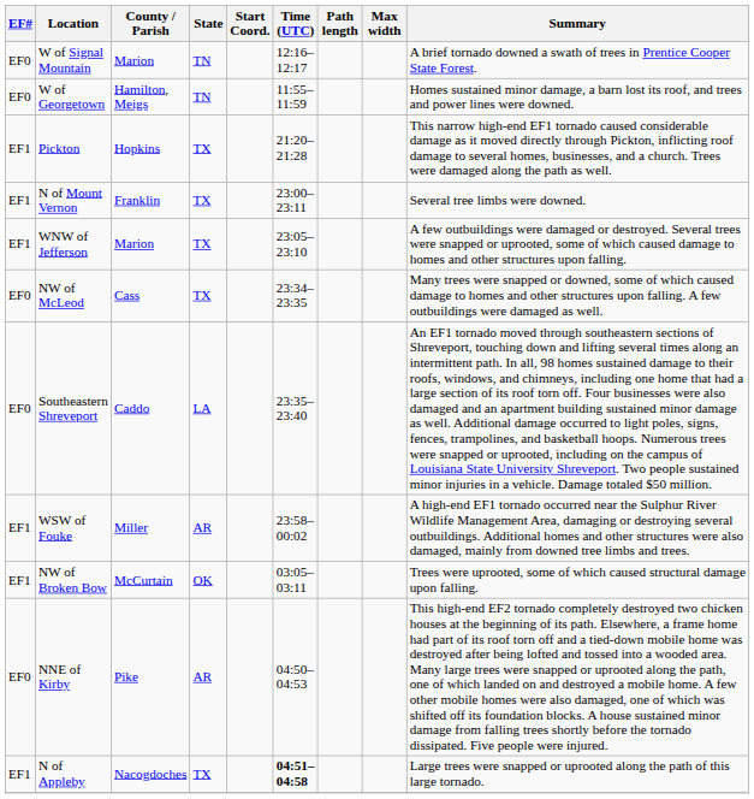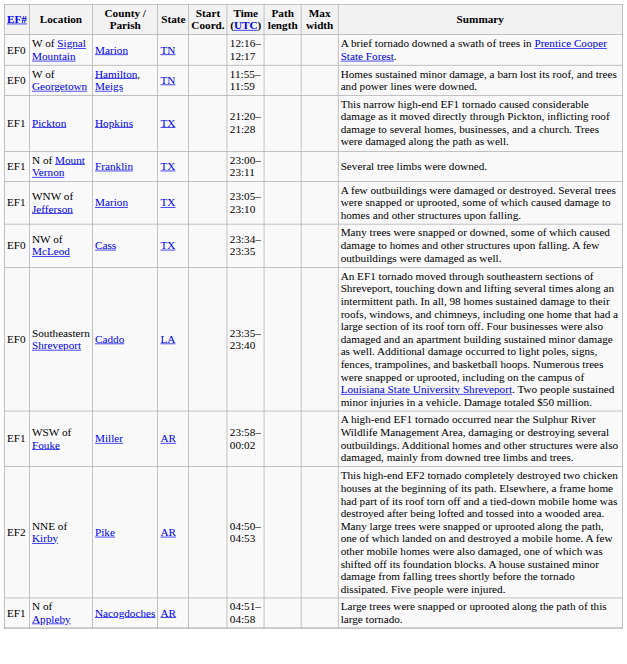 <table class="wikitable sortable" style="width:100%;">
 <tr>
 <th scope="col"  style="width:3%; text-align:center;"><a href='#'>EF#</a></th>
 <th scope="col"  style="width:7%; text-align:center;" class="unsortable">Location</th>
 <th scope="col"  style="width:6%; text-align:center;" class="unsortable">County / Parish</th>
 <th scope="col"  style="width:5%; text-align:center;">State</th>
 <th scope="col"  style="width:6%; text-align:center;">Start Coord.</th>
 <th scope="col"  style="width:6%; text-align:center;">Time (<a href='#'>UTC</a>)</th>
 <th scope="col"  style="width:6%; text-align:center;">Path length</th>
 <th scope="col"  style="width:6%; text-align:center;">Max width</th>
 <th scope="col" class="unsortable" style="width:48%; text-align:center;">Summary</th>
 </tr>
 <tr>
 <td>EF0</td>
 <td>W of <a href='#'>Signal Mountain</a></td>
 <td><a href='#'>Marion</a></td>
 <td><a href='#'>TN</a></td>
 <td></td>
 <td>12:16–12:17</td>
 <td></td>
 <td></td>
 <td>A brief tornado downed a swath of trees in <a href='#'>Prentice Cooper State Forest</a>.</td>
 </tr>
 <tr>
 <td>EF0</td>
 <td>W of <a href='#'>Georgetown</a></td>
 <td><a href='#'>Hamilton</a>, <a href='#'>Meigs</a></td>
 <td><a href='#'>TN</a></td>
 <td></td>
 <td>11:55–11:59</td>
 <td></td>
 <td></td>
 <td>Homes sustained minor damage, a barn lost its roof, and trees and power lines were downed.</td>
 </tr>
 <tr>
 <td>EF1</td>
 <td><a href='#'>Pickton</a></td>
 <td><a href='#'>Hopkins</a></td>
 <td><a href='#'>TX</a></td>
 <td></td>
 <td>21:20–21:28</td>
 <td></td>
 <td></td>
 <td>This narrow high-end EF1 tornado caused considerable damage as it moved directly through Pickton, inflicting roof damage to several homes, businesses, and a church. Trees were damaged along the path as well.</td>
 </tr>
 <tr>
 <td>EF1</td>
 <td>N of <a href='#'>Mount Vernon</a></td>
 <td><a href='#'>Franklin</a></td>
 <td><a href='#'>TX</a></td>
 <td></td>
 <td>23:00–23:11</td>
 <td></td>
 <td></td>
 <td>Several tree limbs were downed.</td>
 </tr>
 <tr>
 <td>EF1</td>
 <td>WNW of <a href='#'>Jefferson</a></td>
 <td><a href='#'>Marion</a></td>
 <td><a href='#'>TX</a></td>
 <td></td>
 <td>23:05–23:10</td>
 <td></td>
 <td></td>
 <td>A few outbuildings were damaged or destroyed. Several trees were snapped or uprooted, some of which caused damage to homes and other structures upon falling.</td>
 </tr>
 <tr>
 <td>EF0</td>
 <td>NW of <a href='#'>McLeod</a></td>
 <td><a href='#'>Cass</a></td>
 <td><a href='#'>TX</a></td>
 <td></td>
 <td>23:34–23:35</td>
 <td></td>
 <td></td>
 <td>Many trees were snapped or downed, some of which caused damage to homes and other structures upon falling. A few outbuildings were damaged as well.</td>
 </tr>
 <tr>
 <td>EF0</td>
 <td>Southeastern <a href='#'>Shreveport</a></td>
 <td><a href='#'>Caddo</a></td>
 <td><a href='#'>LA</a></td>
 <td></td>
 <td>23:35–23:40</td>
 <td></td>
 <td></td>
 <td>An EF1 tornado moved through southeastern sections of Shreveport, touching down and lifting several times along an intermittent path. In all, 98 homes sustained damage to their roofs, windows, and chimneys, including one home that had a large section of its roof torn off. Four businesses were also damaged and an apartment building sustained minor damage as well. Additional damage occurred to light poles, signs, fences, trampolines, and basketball hoops. Numerous trees were snapped or uprooted, including on the campus of <a href='#'>Louisiana State University Shreveport</a>. Two people sustained minor injuries in a vehicle. Damage totaled $50 million.</td>
 </tr>
 <tr>
 <td>EF1</td>
 <td>WSW of <a href='#'>Fouke</a></td>
 <td><a href='#'>Miller</a></td>
 <td><a href='#'>AR</a></td>
 <td></td>
 <td>23:58–00:02</td>
 <td></td>
 <td></td>
 <td>A high-end EF1 tornado occurred near the Sulphur River Wildlife Management Area, damaging or destroying several outbuildings. Additional homes and other structures were also damaged, mainly from downed tree limbs and trees.</td>
 </tr>
 <tr>
-<td>EF1</td>
-<td>NW of <a href='#'>Broken Bow</a></td>
-<td><a href='#'>McCurtain</a></td>
-<td><a href='#'>OK</a></td>
-<td></td>
-<td>03:05–03:11</td>
-<td></td>
-<td></td>
-<td>Trees were uprooted, some of which caused structural damage upon falling.</td>
-</tr>
-<tr>
-<td>EF0</td>
+<td>EF2</td>
 <td>NNE of <a href='#'>Kirby</a></td>
 <td><a href='#'>Pike</a></td>
 <td><a href='#'>AR</a></td>
 <td></td>
 <td>04:50–04:53</td>
 <td></td>
 <td></td>
 <td>This high-end EF2 tornado completely destroyed two chicken houses at the beginning of its path. Elsewhere, a frame home had part of its roof torn off and a tied-down mobile home was destroyed after being lofted and tossed  into a wooded area. Many large trees were snapped or uprooted along the path, one of which landed on and destroyed a mobile home. A few other mobile homes were also damaged, one of which was shifted off its foundation blocks. A house sustained minor damage from falling trees shortly before the tornado dissipated. Five people were injured.</td>
 </tr>
 <tr>
 <td>EF1</td>
 <td>N of <a href='#'>Appleby</a></td>
 <td><a href='#'>Nacogdoches</a></td>
-<td><a href='#'>TX</a></td>
+<td><a href='#'>AR</a></td>
 <td></td>
-<td><strong>04:51–04:58</strong></td>
+<td>04:51–04:58</td>
 <td></td>
 <td></td>
 <td>Large trees were snapped or uprooted along the path of this large tornado.</td>
 </tr>
 <tr>
 </tr>
 </table>
